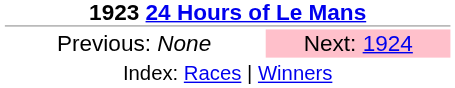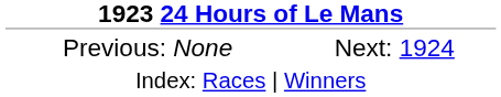 <table style="margin: 0 0 1em 1em; float:right; text-align:center; width: 20em;" class="toccolours">
 <tr>
 <td colspan="2" style="padding:0 1em;border-bottom:1px #aaa solid;"><strong>1923 <a href='#'>24 Hours of Le Mans</a></strong></td>
 </tr>
 <tr>
 <td>Previous: <em>None</em></td>
-<td style="background: pink;">Next: <a href='#'>1924</a></td>
+<td>Next: <a href='#'>1924</a></td>
 </tr>
 <tr>
 <td colspan="2" style="font-size:90%;">Index: <a href='#'>Races</a> | <a href='#'>Winners</a></td>
 </tr>
 </table>
